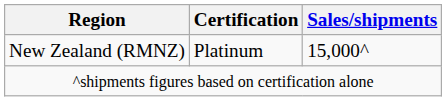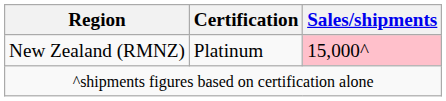 <table class="wikitable sortable">
 <tr>
 <th>Region</th>
 <th>Certification</th>
 <th><a href='#'>Sales/shipments</a></th>
 </tr>
 <tr>
 <td>New Zealand (RMNZ)</td>
 <td>Platinum</td>
-<td>15,000^</td>
+<td style="background: pink;">15,000^</td>
 </tr>
 <tr>
 <td colspan="3" align="center"><small>^shipments figures based on certification alone</small></td>
 </tr>
 </table>
